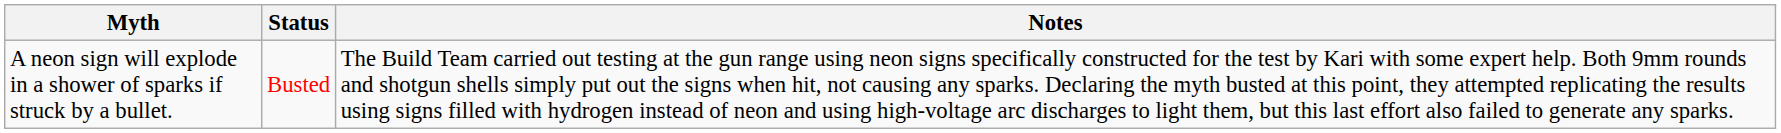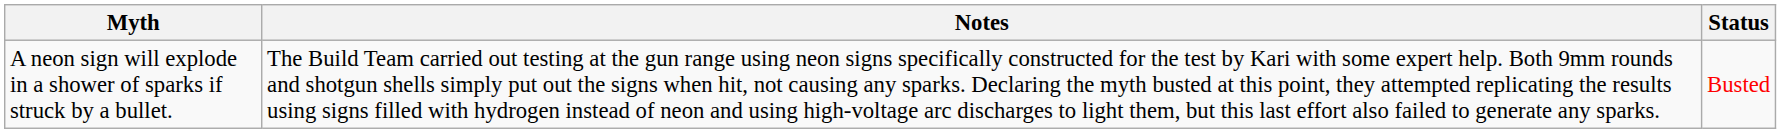 <table class="wikitable plainrowheaders">
 <tr>
 <th scope"col">Myth</th>
+<th scope"col">Notes</th>
 <th scope"col">Status</th>
-<th scope"col">Notes</th>
 </tr>
 <tr>
 <td scope"row">A neon sign will explode in a shower of sparks if struck by a bullet.</td>
+<td>The Build Team carried out testing at the gun range using neon signs specifically constructed for the test by Kari with some expert help. Both 9mm rounds and shotgun shells simply put out the signs when hit, not causing any sparks. Declaring the myth busted at this point, they attempted replicating the results using signs filled with hydrogen instead of neon and using high-voltage arc discharges to light them, but this last effort also failed to generate any sparks.</td>
 <td style="color:red">Busted</td>
-<td>The Build Team carried out testing at the gun range using neon signs specifically constructed for the test by Kari with some expert help. Both 9mm rounds and shotgun shells simply put out the signs when hit, not causing any sparks. Declaring the myth busted at this point, they attempted replicating the results using signs filled with hydrogen instead of neon and using high-voltage arc discharges to light them, but this last effort also failed to generate any sparks.</td>
 </tr>
 </table>
